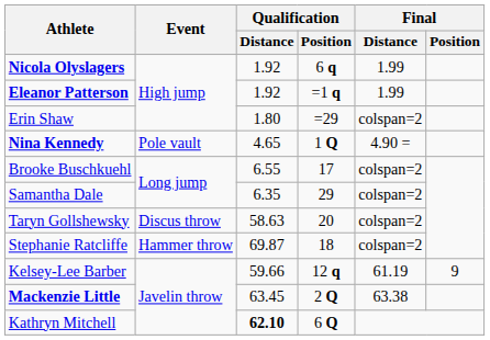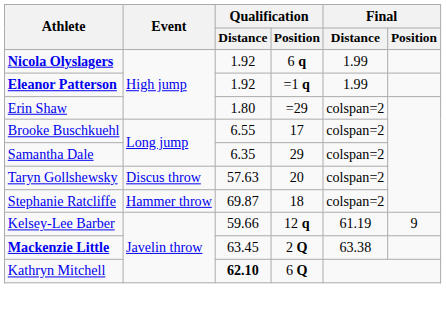 <table class=wikitable style=font-size:90%>
 <tr>
 <th rowspan=2>Athlete</th>
 <th rowspan=2>Event</th>
 <th colspan=2>Qualification</th>
 <th colspan=2>Final</th>
 </tr>
 <tr style=font-size:95%>
 <th>Distance</th>
 <th>Position</th>
 <th>Distance</th>
 <th>Position</th>
 </tr>
 <tr align=center>
 <td align=left><strong><a href='#'>Nicola Olyslagers</a></strong></td>
 <td align=left rowspan=3><a href='#'>High jump</a></td>
 <td>1.92</td>
 <td>6 <strong>q</strong></td>
 <td>1.99</td>
 <td></td>
 </tr>
 <tr align=center>
 <td align=left><strong><a href='#'>Eleanor Patterson</a></strong></td>
 <td>1.92</td>
 <td>=1 <strong>q</strong></td>
 <td>1.99 </td>
 <td></td>
 </tr>
 <tr align=center>
 <td align=left><a href='#'>Erin Shaw</a></td>
 <td>1.80</td>
 <td>=29</td>
 <td>colspan=2 </td>
 </tr>
 <tr align=center>
-<td align=left><strong><a href='#'>Nina Kennedy</a></strong></td>
-<td align=left><a href='#'>Pole vault</a></td>
-<td>4.65</td>
-<td>1 <strong>Q</strong></td>
-<td>4.90 =<strong></strong> </td>
-<td></td>
-</tr>
-<tr align=center>
 <td align=left><a href='#'>Brooke Buschkuehl</a></td>
 <td align=left rowspan=2><a href='#'>Long jump</a></td>
 <td>6.55</td>
 <td>17</td>
 <td>colspan=2 </td>
 </tr>
 <tr align=center>
 <td align=left><a href='#'>Samantha Dale</a></td>
 <td>6.35</td>
 <td>29</td>
 <td>colspan=2 </td>
 </tr>
 <tr align=center>
 <td align=left><a href='#'>Taryn Gollshewsky</a></td>
 <td align=left><a href='#'>Discus throw</a></td>
-<td>58.63</td>
+<td>57.63</td>
 <td>20</td>
 <td>colspan=2 </td>
 </tr>
 <tr align=center>
 <td align=left><a href='#'>Stephanie Ratcliffe</a></td>
 <td align=left><a href='#'>Hammer throw</a></td>
 <td>69.87</td>
 <td>18</td>
 <td>colspan=2 </td>
 </tr>
 <tr align=center>
 <td align=left><a href='#'>Kelsey-Lee Barber</a></td>
 <td align=left rowspan=3><a href='#'>Javelin throw</a></td>
 <td>59.66</td>
 <td>12 <strong>q</strong></td>
 <td>61.19</td>
 <td>9</td>
 </tr>
 <tr align=center>
 <td align=left><strong><a href='#'>Mackenzie Little</a></strong></td>
 <td>63.45</td>
 <td>2 <strong>Q</strong></td>
 <td>63.38</td>
 <td></td>
 </tr>
 <tr align=center>
 <td align=left><a href='#'>Kathryn Mitchell</a></td>
 <td><strong>62.10 </strong></td>
 <td>6 <strong>Q</strong></td>
 <td colspan=2></td>
 </tr>
 </table>
